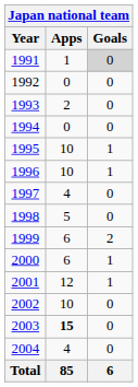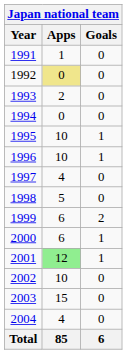 <table class="wikitable" style="text-align:center">
 <tr>
 <th colspan=3><a href='#'>Japan national team</a></th>
 </tr>
 <tr>
 <th>Year</th>
 <th>Apps</th>
 <th>Goals</th>
 </tr>
 <tr>
 <td><a href='#'>1991</a></td>
 <td>1</td>
-<td style="background: lightgrey;">0</td>
+<td>0</td>
 </tr>
 <tr>
 <td>1992</td>
-<td>0</td>
+<td style="background: khaki;">0</td>
 <td>0</td>
 </tr>
 <tr>
 <td><a href='#'>1993</a></td>
 <td>2</td>
 <td>0</td>
 </tr>
 <tr>
 <td><a href='#'>1994</a></td>
 <td>0</td>
 <td>0</td>
 </tr>
 <tr>
 <td><a href='#'>1995</a></td>
 <td>10</td>
 <td>1</td>
 </tr>
 <tr>
 <td><a href='#'>1996</a></td>
 <td>10</td>
 <td>1</td>
 </tr>
 <tr>
 <td><a href='#'>1997</a></td>
 <td>4</td>
 <td>0</td>
 </tr>
 <tr>
 <td><a href='#'>1998</a></td>
 <td>5</td>
 <td>0</td>
 </tr>
 <tr>
 <td><a href='#'>1999</a></td>
 <td>6</td>
 <td>2</td>
 </tr>
 <tr>
 <td><a href='#'>2000</a></td>
 <td>6</td>
 <td>1</td>
 </tr>
 <tr>
 <td><a href='#'>2001</a></td>
-<td>12</td>
+<td style="background: lightgreen;">12</td>
 <td>1</td>
 </tr>
 <tr>
 <td><a href='#'>2002</a></td>
 <td>10</td>
 <td>0</td>
 </tr>
 <tr>
 <td><a href='#'>2003</a></td>
-<td><strong>15</strong></td>
+<td>15</td>
 <td>0</td>
 </tr>
 <tr>
 <td><a href='#'>2004</a></td>
 <td>4</td>
 <td>0</td>
 </tr>
 <tr>
 <th>Total</th>
 <th>85</th>
 <th>6</th>
 </tr>
 </table>
